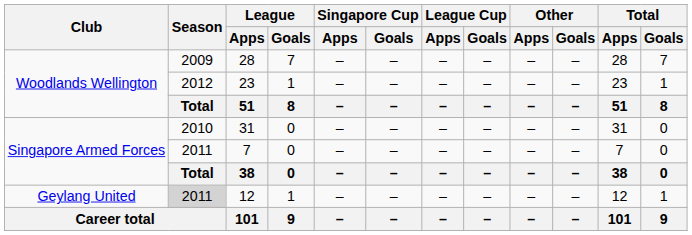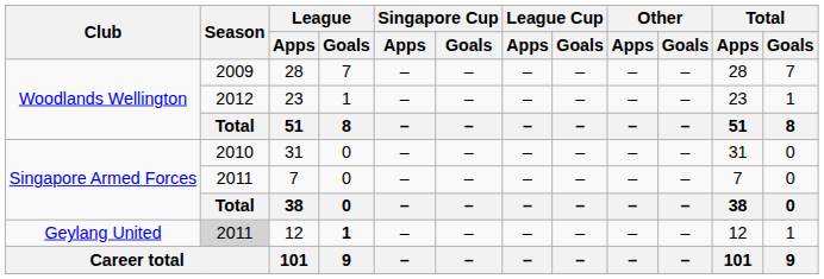 <table class="wikitable" style="text-align: center;">
 <tr>
 <th rowspan="2">Club</th>
 <th rowspan="2">Season</th>
 <th colspan="2">League</th>
 <th colspan="2">Singapore Cup</th>
 <th colspan="2">League Cup</th>
 <th colspan="2">Other</th>
 <th colspan="2">Total</th>
 </tr>
 <tr>
 <th>Apps</th>
 <th>Goals</th>
 <th>Apps</th>
 <th>Goals</th>
 <th>Apps</th>
 <th>Goals</th>
 <th>Apps</th>
 <th>Goals</th>
 <th>Apps</th>
 <th>Goals</th>
 </tr>
 <tr>
 <td rowspan="3" valign="center"><a href='#'>Woodlands Wellington</a></td>
 <td>2009</td>
 <td>28</td>
 <td>7</td>
 <td>–</td>
 <td>–</td>
 <td>–</td>
 <td>–</td>
 <td>–</td>
 <td>–</td>
 <td>28</td>
 <td>7</td>
 </tr>
 <tr>
 <td>2012</td>
 <td>23</td>
 <td>1</td>
 <td>–</td>
 <td>–</td>
 <td>–</td>
 <td>–</td>
 <td>–</td>
 <td>–</td>
 <td>23</td>
 <td>1</td>
 </tr>
 <tr>
 <th>Total</th>
 <th>51</th>
 <th>8</th>
 <th>–</th>
 <th>–</th>
 <th>–</th>
 <th>–</th>
 <th>–</th>
 <th>–</th>
 <th>51</th>
 <th>8</th>
 </tr>
 <tr>
 <td rowspan="3" valign="center"><a href='#'>Singapore Armed Forces</a></td>
 <td>2010</td>
 <td>31</td>
 <td>0</td>
 <td>–</td>
 <td>–</td>
 <td>–</td>
 <td>–</td>
 <td>–</td>
 <td>–</td>
 <td>31</td>
 <td>0</td>
 </tr>
 <tr>
 <td>2011</td>
 <td>7</td>
 <td>0</td>
 <td>–</td>
 <td>–</td>
 <td>–</td>
 <td>–</td>
 <td>–</td>
 <td>–</td>
 <td>7</td>
 <td>0</td>
 </tr>
 <tr>
 <th>Total</th>
 <th>38</th>
 <th>0</th>
 <th>–</th>
 <th>–</th>
 <th>–</th>
 <th>–</th>
 <th>–</th>
 <th>–</th>
 <th>38</th>
 <th>0</th>
 </tr>
 <tr>
 <td rowspan="1" valign="center"><a href='#'>Geylang United</a></td>
 <td style="background: lightgrey;">2011</td>
 <td>12</td>
-<td>1</td>
+<td><strong>1</strong></td>
 <td>–</td>
 <td>–</td>
 <td>–</td>
 <td>–</td>
 <td>–</td>
 <td>–</td>
 <td>12</td>
 <td>1</td>
 </tr>
 <tr>
 <th colspan="2">Career total</th>
 <th>101</th>
 <th>9</th>
 <th>–</th>
 <th>–</th>
 <th>–</th>
 <th>–</th>
 <th>–</th>
 <th>–</th>
 <th>101</th>
 <th>9</th>
 </tr>
 </table>
